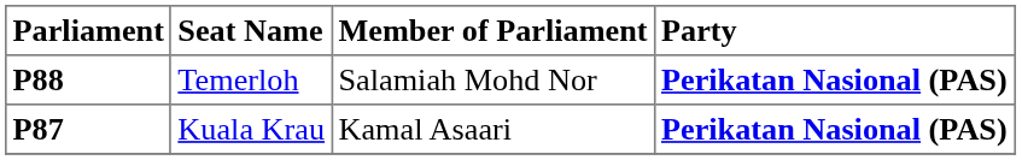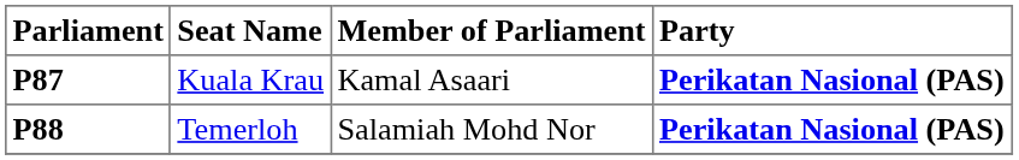 <table class="toccolours sortable" border="1" cellpadding="3" style="border-collapse:collapse; text-align: left;">
 <tr>
 <th align="center">Parliament</th>
 <th>Seat Name</th>
 <th>Member of Parliament</th>
 <th>Party</th>
 </tr>
 <tr>
+<th align="left">P87</th>
+<td><a href='#'>Kuala Krau</a></td>
+<td>Kamal Asaari</td>
+<td><strong><a href='#'>Perikatan Nasional</a> (PAS)</strong></td>
+</tr>
+<tr>
 <th align="left">P88</th>
 <td><a href='#'>Temerloh</a></td>
 <td>Salamiah Mohd Nor</td>
 <td><strong><a href='#'>Perikatan Nasional</a> (PAS)</strong></td>
 </tr>
 <tr>
-<th align="left">P87</th>
-<td><a href='#'>Kuala Krau</a></td>
-<td>Kamal Asaari</td>
-<td><strong><a href='#'>Perikatan Nasional</a> (PAS)</strong></td>
-</tr>
-<tr>
 </tr>
 </table>
